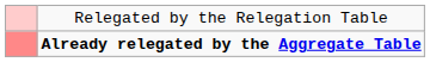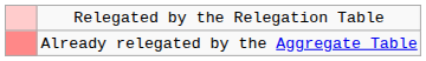 <table class="wikitable" style="text-align: center;">
 <tr>
 <td bgcolor=#FFCCCC style="width: 20px;"></td>
 <td>Relegated by the Relegation Table</td>
 </tr>
 <tr>
 <td bgcolor=#FF8888 style="width: 20px;"></td>
-<td><strong>Already relegated by the <a href='#'>Aggregate Table</a></strong></td>
+<td>Already relegated by the <a href='#'>Aggregate Table</a></td>
 </tr>
 </table>
